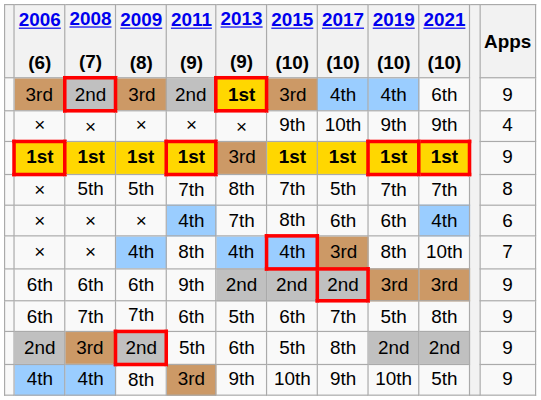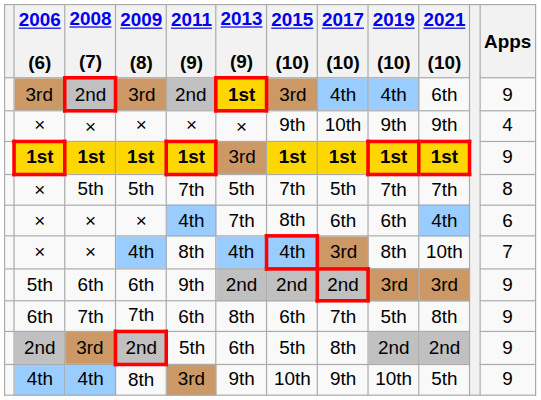 <table class="wikitable" style="text-align: center">
 <tr valign=center>
 <th></th>
 <th><a href='#'>2006</a><br> <br> (6)</th>
 <th><a href='#'>2008</a><br> <br> (7)</th>
 <th><a href='#'>2009</a><br> <br> (8)</th>
 <th><a href='#'>2011</a><br> <br> (9)</th>
 <th><a href='#'>2013</a><br> <br> (9)</th>
 <th><a href='#'>2015</a><br> <br> (10)</th>
 <th><a href='#'>2017</a><br> <br> (10)</th>
 <th><a href='#'>2019</a><br> <br> (10)</th>
 <th><a href='#'>2021</a><br> <br> (10)</th>
 <th rowspan=11></th>
 <th>Apps<br><big></big></th>
 </tr>
 <tr>
 <td align=left></td>
 <td bgcolor=#cc9966>3rd</td>
 <td bgcolor=silver style="border:3px solid red">2nd</td>
 <td bgcolor=#cc9966>3rd</td>
 <td bgcolor=silver>2nd</td>
 <td bgcolor=gold style="border:3px solid red"><strong>1st</strong></td>
 <td bgcolor=#cc9966>3rd</td>
 <td bgcolor=#9acdff>4th</td>
 <td bgcolor=#9acdff>4th</td>
 <td>6th</td>
 <td>9</td>
 </tr>
 <tr>
 <td align=left></td>
 <td>×</td>
 <td>×</td>
 <td>×</td>
 <td>×</td>
 <td>×</td>
 <td>9th</td>
 <td>10th</td>
 <td>9th</td>
 <td>9th</td>
 <td>4</td>
 </tr>
 <tr>
 <td align=left></td>
 <td bgcolor=gold style="border:3px solid red"><strong>1st</strong></td>
 <td bgcolor=gold><strong>1st</strong></td>
 <td bgcolor=gold><strong>1st</strong></td>
 <td bgcolor=gold style="border:3px solid red"><strong>1st</strong></td>
 <td bgcolor=#cc9966>3rd</td>
 <td bgcolor=gold><strong>1st</strong></td>
 <td bgcolor=gold><strong>1st</strong></td>
 <td bgcolor=gold style="border:3px solid red"><strong>1st</strong></td>
 <td bgcolor=gold style="border:3px solid red"><strong>1st</strong></td>
 <td>9</td>
 </tr>
 <tr>
 <td align=left></td>
 <td>×</td>
 <td>5th</td>
 <td>5th</td>
 <td>7th</td>
-<td>8th</td>
+<td>5th</td>
 <td>7th</td>
 <td>5th</td>
 <td>7th</td>
 <td>7th</td>
 <td>8</td>
 </tr>
 <tr>
 <td align=left></td>
 <td>×</td>
 <td>×</td>
 <td>×</td>
 <td bgcolor=#9acdff>4th</td>
 <td>7th</td>
 <td>8th</td>
 <td>6th</td>
 <td>6th</td>
 <td bgcolor=#9acdff>4th</td>
 <td>6</td>
 </tr>
 <tr>
 <td align=left></td>
 <td>×</td>
 <td>×</td>
 <td bgcolor=#9acdff>4th</td>
 <td>8th</td>
 <td bgcolor=#9acdff>4th</td>
 <td bgcolor=#9acdff style="border:3px solid red">4th</td>
 <td bgcolor=#cc9966>3rd</td>
 <td>8th</td>
 <td>10th</td>
 <td>7</td>
 </tr>
 <tr>
 <td align=left></td>
-<td>6th</td>
+<td>5th</td>
 <td>6th</td>
 <td>6th</td>
 <td>9th</td>
 <td bgcolor=silver>2nd</td>
 <td bgcolor=silver>2nd</td>
 <td bgcolor=silver style="border:3px solid red">2nd</td>
 <td bgcolor=#cc9966>3rd</td>
 <td bgcolor=#cc9966>3rd</td>
 <td>9</td>
 </tr>
 <tr>
 <td align=left></td>
 <td>6th</td>
 <td>7th</td>
 <td>7th</td>
 <td>6th</td>
-<td>5th</td>
+<td>8th</td>
 <td>6th</td>
 <td>7th</td>
 <td>5th</td>
 <td>8th</td>
 <td>9</td>
 </tr>
 <tr>
 <td align=left></td>
 <td bgcolor=silver>2nd</td>
 <td bgcolor=#cc9966>3rd</td>
 <td bgcolor=silver style="border:3px solid red">2nd</td>
 <td>5th</td>
 <td>6th</td>
 <td>5th</td>
 <td>8th</td>
 <td bgcolor=silver>2nd</td>
 <td bgcolor=silver>2nd</td>
 <td>9</td>
 </tr>
 <tr>
 <td align=left></td>
 <td bgcolor=#9acdff>4th</td>
 <td bgcolor=#9acdff>4th</td>
 <td>8th</td>
 <td bgcolor=#cc9966>3rd</td>
 <td>9th</td>
 <td>10th</td>
 <td>9th</td>
 <td>10th</td>
 <td>5th</td>
 <td>9</td>
 </tr>
 </table>
